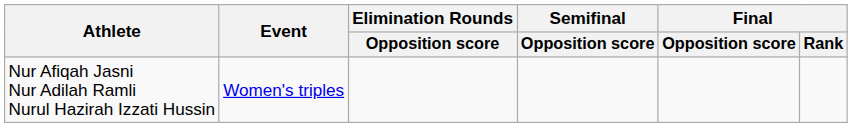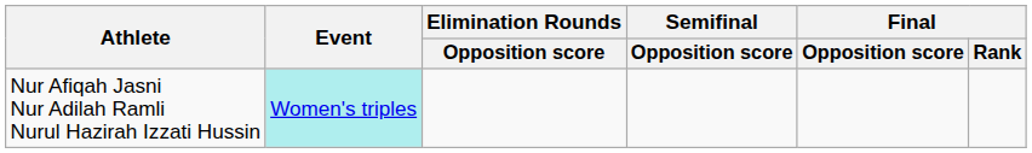 <table class="wikitable" style="font-size:90%; text-align:center">
 <tr>
 <th rowspan="2">Athlete</th>
 <th rowspan="2">Event</th>
 <th>Elimination Rounds</th>
 <th>Semifinal</th>
 <th colspan="2">Final</th>
 </tr>
 <tr style="font-size:95%" align="center" ,>
 <th>Opposition score</th>
 <th>Opposition score</th>
 <th>Opposition score</th>
 <th>Rank</th>
 </tr>
 <tr align="center">
 <td align="left">Nur Afiqah Jasni<br>Nur Adilah Ramli<br>Nurul Hazirah Izzati Hussin</td>
-<td align="left"><a href='#'>Women's triples</a></td>
+<td align="left" style="background: paleturquoise;"><a href='#'>Women's triples</a></td>
 <td></td>
 <td></td>
 <td></td>
 <td></td>
 </tr>
 </table>
